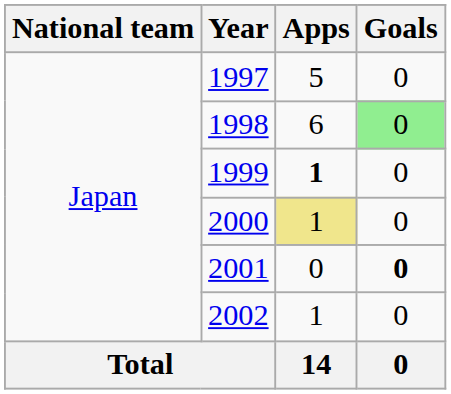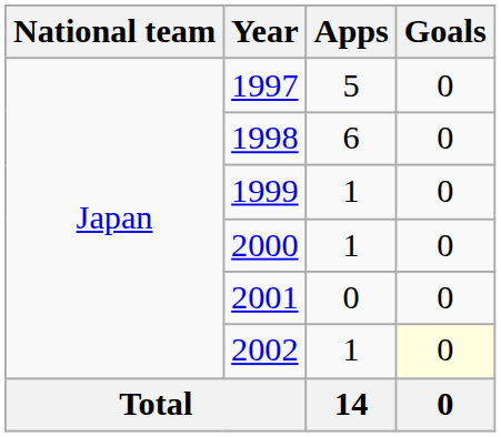 <table class="wikitable" style="text-align:center">
 <tr>
 <th>National team</th>
 <th>Year</th>
 <th>Apps</th>
 <th>Goals</th>
 </tr>
 <tr>
 <td rowspan="6"><a href='#'>Japan</a></td>
 <td><a href='#'>1997</a></td>
 <td>5</td>
 <td>0</td>
 </tr>
 <tr>
 <td><a href='#'>1998</a></td>
 <td>6</td>
-<td style="background: lightgreen;">0</td>
+<td>0</td>
 </tr>
 <tr>
 <td><a href='#'>1999</a></td>
-<td><strong>1</strong></td>
+<td>1</td>
 <td>0</td>
 </tr>
 <tr>
 <td><a href='#'>2000</a></td>
-<td style="background: khaki;">1</td>
+<td>1</td>
 <td>0</td>
 </tr>
 <tr>
 <td><a href='#'>2001</a></td>
 <td>0</td>
-<td><strong>0</strong></td>
+<td>0</td>
 </tr>
 <tr>
 <td><a href='#'>2002</a></td>
 <td>1</td>
-<td>0</td>
+<td style="background: lightyellow;">0</td>
 </tr>
 <tr>
 <th colspan="2">Total</th>
 <th>14</th>
 <th>0</th>
 </tr>
 </table>
